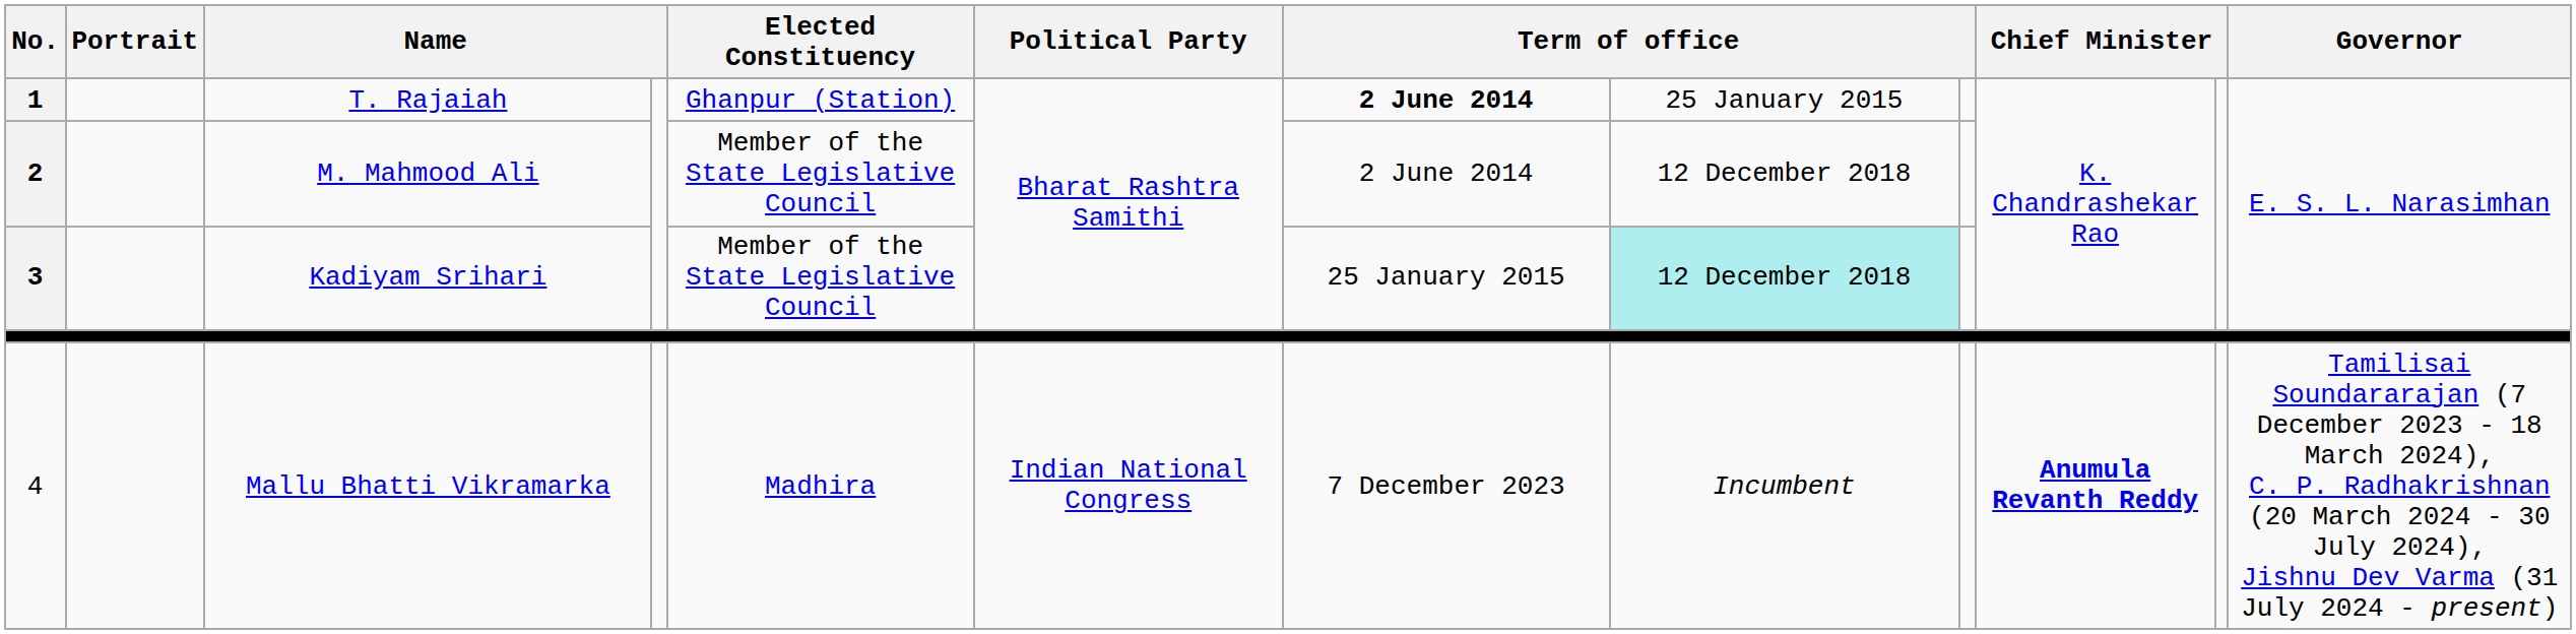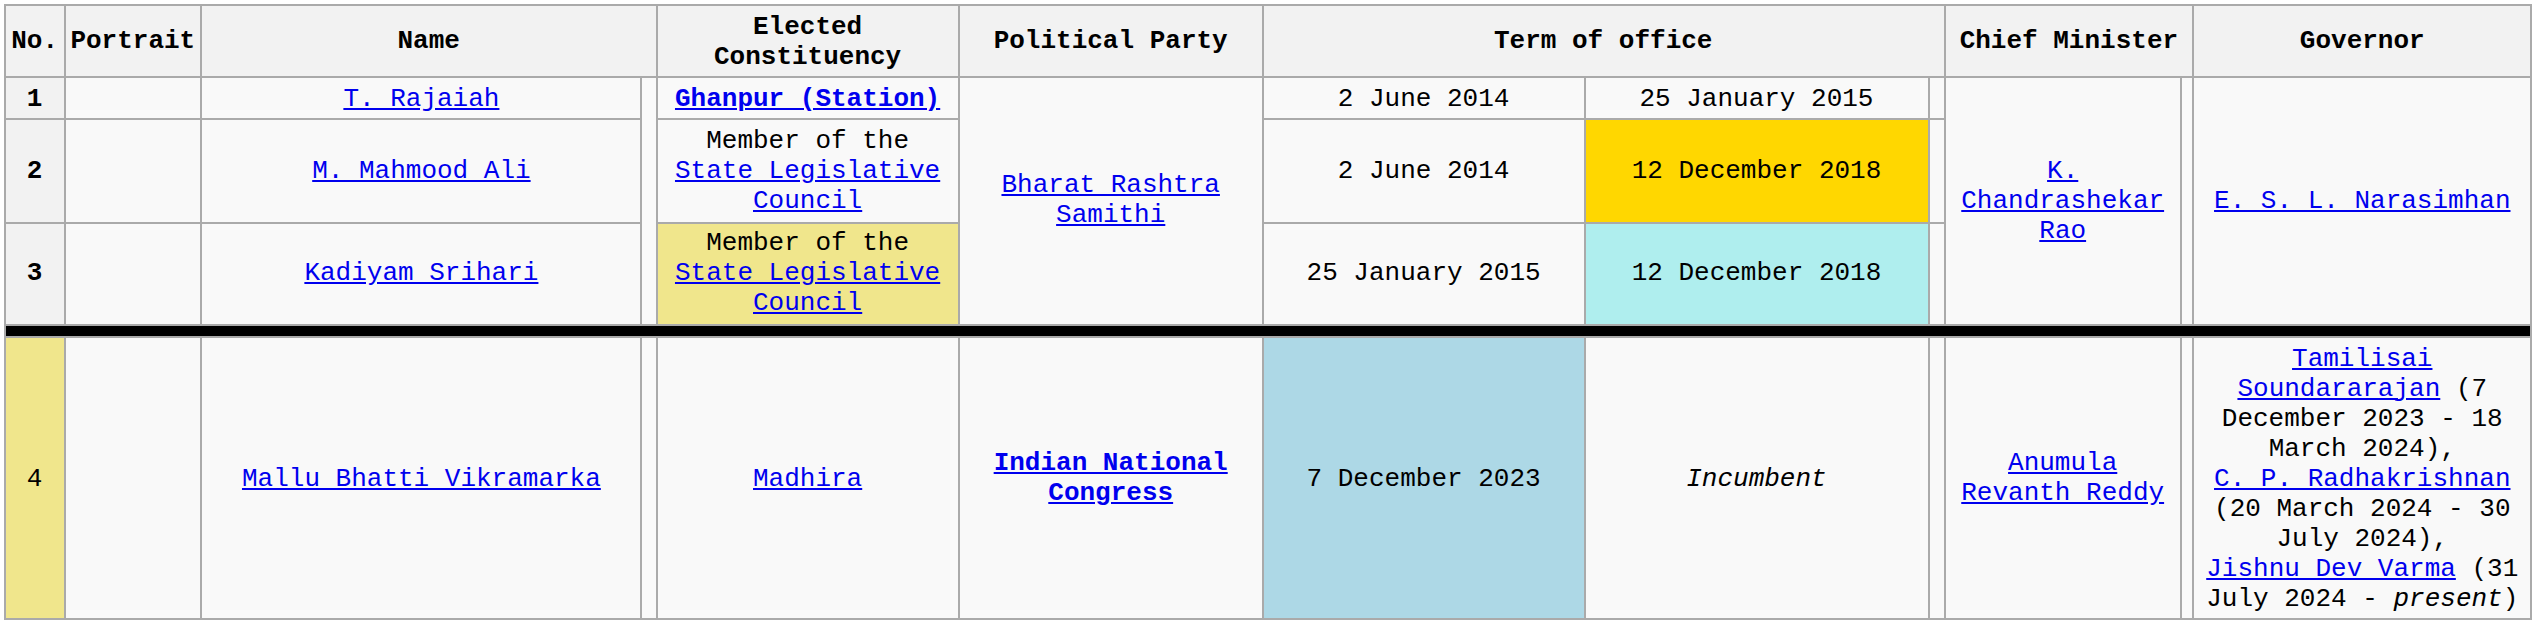 <table class="wikitable sortable" style="width:100%; text-align:center">
 <tr>
 <th>No.</th>
 <th>Portrait</th>
 <th colspan="2" style="width:18%;">Name</th>
 <th style="width:12%;">Elected Constituency</th>
 <th style="width:12%;">Political Party</th>
 <th colspan=3 style="width:27%;">Term of office</th>
 <th colspan="2">Chief Minister</th>
 <th>Governor</th>
 </tr>
 <tr>
 <th>1</th>
 <td></td>
 <td><a href='#'>T. Rajaiah</a></td>
 <td rowspan="3" style="background:"></td>
-<td><a href='#'>Ghanpur (Station)</a></td>
+<td><strong><a href='#'>Ghanpur (Station)</a></strong></td>
 <td rowspan="3"><a href='#'>Bharat Rashtra Samithi</a></td>
-<td><strong>2 June 2014</strong></td>
+<td>2 June 2014</td>
 <td>25 January 2015</td>
 <td></td>
 <td rowspan="3"><a href='#'>K. Chandrashekar Rao</a></td>
 <td rowspan="3" style="background:"></td>
 <td rowspan="3"><a href='#'>E. S. L. Narasimhan</a></td>
 </tr>
 <tr>
 <th>2</th>
 <td></td>
 <td><a href='#'>M. Mahmood Ali</a></td>
 <td>Member of the <a href='#'>State Legislative Council</a></td>
 <td>2 June 2014</td>
-<td>12 December 2018</td>
+<td style="background: gold;">12 December 2018</td>
 <td></td>
 </tr>
 <tr>
 <th>3</th>
 <td></td>
 <td><a href='#'>Kadiyam Srihari</a></td>
-<td>Member of the <a href='#'>State Legislative Council</a></td>
+<td style="background: khaki;">Member of the <a href='#'>State Legislative Council</a></td>
 <td>25 January 2015</td>
 <td style="background: paleturquoise;">12 December 2018</td>
 <td></td>
 </tr>
 <tr>
 <td colspan="12" bgcolor="black"></td>
 </tr>
 <tr>
-<td>4</td>
+<td style="background: khaki;">4</td>
 <td></td>
 <td><a href='#'>Mallu Bhatti Vikramarka</a></td>
 <td style="background:"></td>
 <td><a href='#'>Madhira</a></td>
-<td><a href='#'>Indian National Congress</a></td>
-<td>7 December 2023</td>
+<td><strong><a href='#'>Indian National Congress</a></strong></td>
+<td style="background: lightblue;">7 December 2023</td>
 <td><em>Incumbent</em></td>
 <td></td>
-<td><strong><a href='#'>Anumula Revanth Reddy</a></strong></td>
+<td><a href='#'>Anumula Revanth Reddy</a></td>
 <td style="background:"></td>
 <td><a href='#'>Tamilisai Soundararajan</a> (7 December 2023 - 18 March 2024),<br> <a href='#'>C. P. Radhakrishnan</a> (20 March 2024 - 30 July 2024),<br> <a href='#'>Jishnu Dev Varma</a> (31 July 2024 - <em>present</em>)</td>
 </tr>
 </table>
